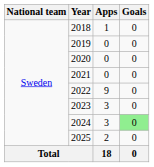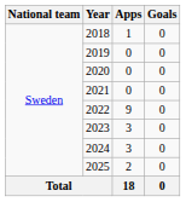 <table class="wikitable" style="text-align:center">
 <tr>
 <th>National team</th>
 <th>Year</th>
 <th>Apps</th>
 <th>Goals</th>
 </tr>
 <tr>
 <td rowspan="8"><a href='#'>Sweden</a></td>
 <td>2018</td>
 <td>1</td>
 <td>0</td>
 </tr>
 <tr>
 <td>2019</td>
 <td>0</td>
 <td>0</td>
 </tr>
 <tr>
 <td>2020</td>
 <td>0</td>
 <td>0</td>
 </tr>
 <tr>
 <td>2021</td>
 <td>0</td>
 <td>0</td>
 </tr>
 <tr>
 <td>2022</td>
 <td>9</td>
 <td>0</td>
 </tr>
 <tr>
 <td>2023</td>
 <td>3</td>
 <td>0</td>
 </tr>
 <tr>
 <td>2024</td>
 <td>3</td>
-<td style="background: lightgreen;">0</td>
+<td>0</td>
 </tr>
 <tr>
 <td>2025</td>
 <td>2</td>
 <td>0</td>
 </tr>
 <tr>
 <th colspan="2">Total</th>
 <th>18</th>
 <th>0</th>
 </tr>
 </table>
